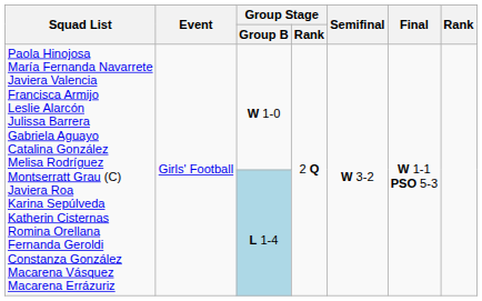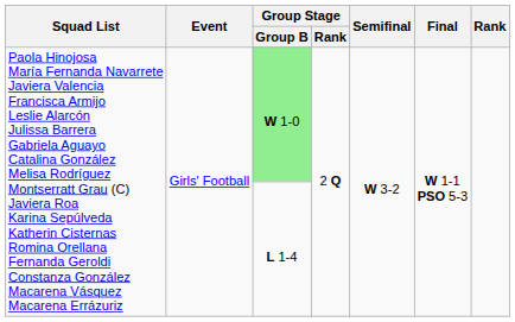 <table class=wikitable style="font-size:90%">
 <tr>
 <th rowspan=2>Squad List</th>
 <th rowspan=2>Event</th>
 <th colspan=2>Group Stage</th>
 <th rowspan=2>Semifinal</th>
 <th rowspan=2>Final</th>
 <th rowspan=2>Rank</th>
 </tr>
 <tr>
 <th>Group B</th>
 <th>Rank</th>
 </tr>
 <tr>
 <td rowspan=2><a href='#'>Paola Hinojosa</a><br><a href='#'>María Fernanda Navarrete</a><br><a href='#'>Javiera Valencia</a><br><a href='#'>Francisca Armijo</a><br><a href='#'>Leslie Alarcón</a><br><a href='#'>Julissa Barrera</a><br><a href='#'>Gabriela Aguayo</a><br><a href='#'>Catalina González</a><br><a href='#'>Melisa Rodríguez</a><br><a href='#'>Montserratt Grau</a> (C)<br><a href='#'>Javiera Roa</a><br><a href='#'>Karina Sepúlveda</a><br><a href='#'>Katherin Cisternas</a><br><a href='#'>Romina Orellana</a><br><a href='#'>Fernanda Geroldi</a><br><a href='#'>Constanza González</a><br><a href='#'>Macarena Vásquez</a><br><a href='#'>Macarena Errázuriz</a></td>
 <td rowspan=2><a href='#'>Girls' Football</a></td>
-<td align=center><br> <strong>W</strong> 1-0</td>
+<td align=center style="background: lightgreen;"><br> <strong>W</strong> 1-0</td>
 <td rowspan=2 align=center>2 <strong>Q</strong></td>
 <td rowspan=2 align=center><br> <strong>W</strong> 3-2</td>
 <td rowspan=2 align=center><br> <strong>W</strong> 1-1<br><strong>PSO</strong> 5-3</td>
 <td rowspan=2 align=center></td>
 </tr>
 <tr>
-<td align=center style="background: lightblue;"><br> <strong>L</strong> 1-4</td>
+<td align=center><br> <strong>L</strong> 1-4</td>
 </tr>
 </table>
